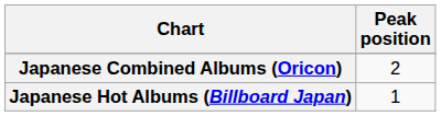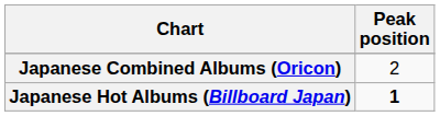 <table class="wikitable sortable plainrowheaders" style="text-align:center">
 <tr>
 <th scope="col">Chart</th>
 <th scope="col">Peak<br>position</th>
 </tr>
 <tr>
 </tr>
 <tr>
 <th scope="row">Japanese Combined Albums (<a href='#'>Oricon</a>)</th>
 <td>2</td>
 </tr>
 <tr>
 <th scope="row">Japanese Hot Albums (<em><a href='#'>Billboard Japan</a></em>)</th>
-<td>1</td>
+<td><strong>1</strong></td>
 </tr>
 </table>
